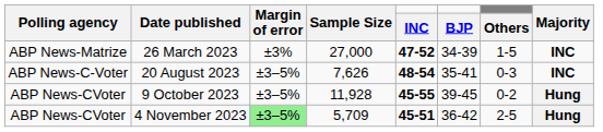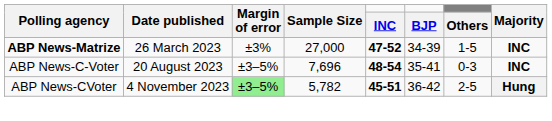 <table class="wikitable" style="text-align:center;font-size:95%;line-height:16px;">
 <tr>
 <th rowspan="2">Polling agency</th>
 <th rowspan="2">Date published</th>
 <th rowspan="2">Margin<br>of error</th>
 <th rowspan="2">Sample Size</th>
 <td></td>
 <td></td>
 <td style="background:gray;"></td>
 <th rowspan="2">Majority</th>
 </tr>
 <tr>
 <th><a href='#'>INC</a></th>
 <th><a href='#'>BJP</a></th>
 <th>Others</th>
 </tr>
 <tr>
-<td>ABP News-Matrize</td>
+<td><strong>ABP News-Matrize</strong></td>
 <td>26 March 2023</td>
 <td>±3%</td>
 <td>27,000</td>
 <td style="background:"><strong>47-52</strong></td>
 <td>34-39</td>
 <td>1-5</td>
 <td style="background:"><strong>INC</strong></td>
 </tr>
 <tr>
 <td>ABP News-C-Voter</td>
 <td>20 August 2023</td>
 <td>±3–5%</td>
-<td>7,626</td>
+<td>7,696</td>
 <td style="background:"><strong>48-54</strong></td>
 <td>35-41</td>
 <td>0-3</td>
 <td style="background:"><strong>INC</strong></td>
 </tr>
 <tr>
 <td>ABP News-CVoter</td>
-<td>9 October 2023</td>
-<td>±3–5%</td>
-<td>11,928</td>
-<td><strong>45-55</strong></td>
-<td>39-45</td>
-<td>0-2</td>
-<th>Hung</th>
-</tr>
-<tr>
-<td>ABP News-CVoter</td>
 <td>4 November 2023</td>
 <td style="background: lightgreen;">±3–5%</td>
-<td>5,709</td>
+<td>5,782</td>
 <td><strong>45-51</strong></td>
 <td>36-42</td>
 <td>2-5</td>
 <th>Hung</th>
 </tr>
 </table>
